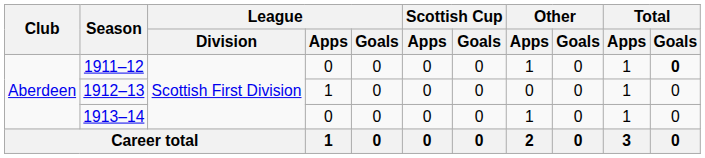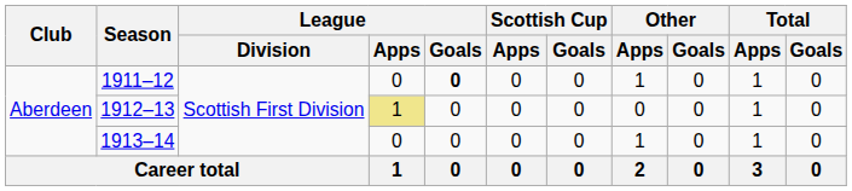 <table class="wikitable" style="text-align: center;">
 <tr>
 <th rowspan="2">Club</th>
 <th rowspan="2">Season</th>
 <th colspan="3">League</th>
 <th colspan="2">Scottish Cup</th>
 <th colspan="2">Other</th>
 <th colspan="2">Total</th>
 </tr>
 <tr>
 <th>Division</th>
 <th>Apps</th>
 <th>Goals</th>
 <th>Apps</th>
 <th>Goals</th>
 <th>Apps</th>
 <th>Goals</th>
 <th>Apps</th>
 <th>Goals</th>
 </tr>
 <tr>
 <td rowspan="3"><a href='#'>Aberdeen</a></td>
 <td><a href='#'>1911–12</a></td>
 <td rowspan="3"><a href='#'>Scottish First Division</a></td>
 <td>0</td>
-<td>0</td>
+<td><strong>0</strong></td>
 <td>0</td>
 <td>0</td>
 <td>1</td>
 <td>0</td>
 <td>1</td>
-<td><strong>0</strong></td>
+<td>0</td>
 </tr>
 <tr>
 <td><a href='#'>1912–13</a></td>
-<td>1</td>
+<td style="background: khaki;">1</td>
 <td>0</td>
 <td>0</td>
 <td>0</td>
 <td>0</td>
 <td>0</td>
 <td>1</td>
 <td>0</td>
 </tr>
 <tr>
 <td><a href='#'>1913–14</a></td>
 <td>0</td>
 <td>0</td>
 <td>0</td>
 <td>0</td>
 <td>1</td>
 <td>0</td>
 <td>1</td>
 <td>0</td>
 </tr>
 <tr>
 <th colspan="3">Career total</th>
 <th>1</th>
 <th>0</th>
 <th>0</th>
 <th>0</th>
 <th>2</th>
 <th>0</th>
 <th>3</th>
 <th>0</th>
 </tr>
 </table>
